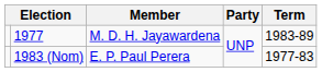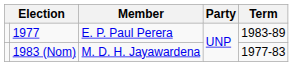 <table class="wikitable">
 <tr>
 <th colspan="2">Election</th>
 <th>Member</th>
 <th>Party</th>
 <th>Term</th>
 </tr>
 <tr>
 <td style="background-color: "></td>
 <td><a href='#'>1977</a></td>
-<td><a href='#'>M. D. H. Jayawardena</a></td>
+<td><a href='#'>E. P. Paul Perera</a></td>
 <td rowspan=2><a href='#'>UNP</a></td>
 <td>1983-89</td>
 </tr>
 <tr>
 <td style="background-color: "></td>
 <td><a href='#'>1983 (Nom)</a></td>
-<td><a href='#'>E. P. Paul Perera</a></td>
+<td><a href='#'>M. D. H. Jayawardena</a></td>
 <td>1977-83</td>
 </tr>
 </table>
